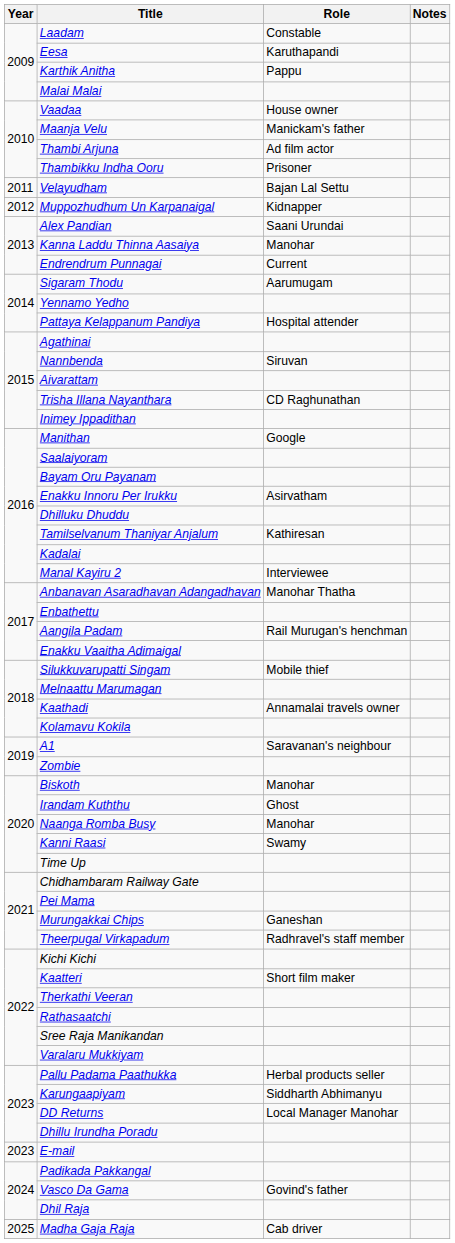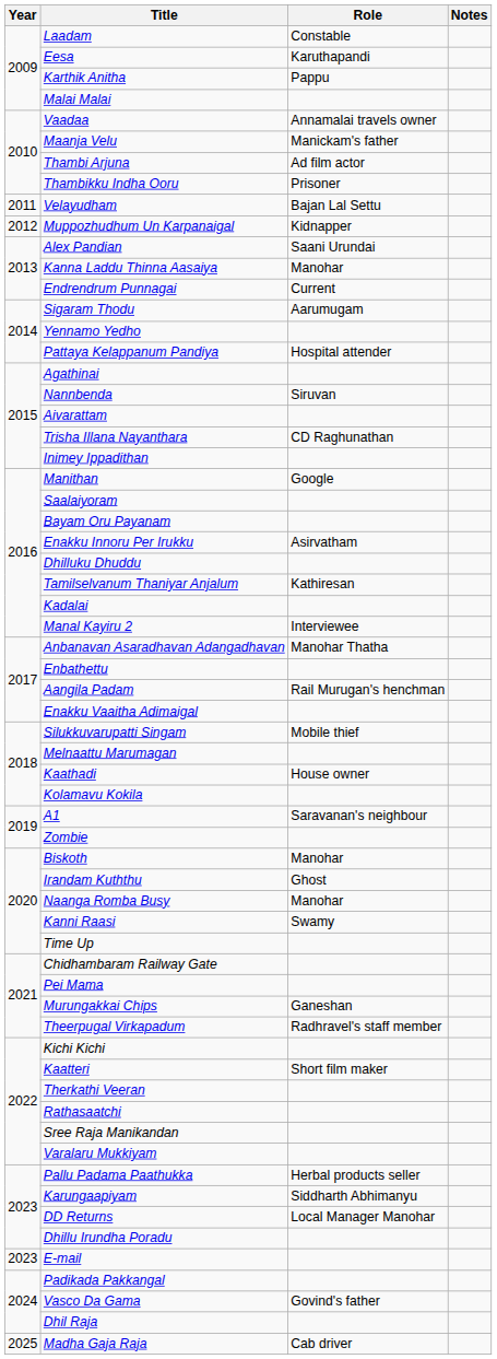 <table class="wikitable">
 <tr>
 <th>Year</th>
 <th>Title</th>
 <th>Role</th>
 <th>Notes</th>
 </tr>
 <tr>
 <td rowspan="4">2009</td>
 <td><em><a href='#'>Laadam</a></em></td>
 <td>Constable</td>
 <td></td>
 </tr>
 <tr>
 <td><em><a href='#'>Eesa</a></em></td>
 <td>Karuthapandi</td>
 <td></td>
 </tr>
 <tr>
 <td><em><a href='#'>Karthik Anitha</a></em></td>
 <td>Pappu</td>
 <td></td>
 </tr>
 <tr>
 <td><em><a href='#'>Malai Malai</a></em></td>
 <td></td>
 <td></td>
 </tr>
 <tr>
 <td rowspan="4">2010</td>
 <td><em><a href='#'>Vaadaa</a></em></td>
-<td>House owner</td>
+<td>Annamalai travels owner</td>
 <td></td>
 </tr>
 <tr>
 <td><em><a href='#'>Maanja Velu</a></em></td>
 <td>Manickam's father</td>
 <td></td>
 </tr>
 <tr>
 <td><em><a href='#'>Thambi Arjuna</a></em></td>
 <td>Ad film actor</td>
 <td></td>
 </tr>
 <tr>
 <td><em><a href='#'>Thambikku Indha Ooru</a></em></td>
 <td>Prisoner</td>
 <td></td>
 </tr>
 <tr>
 <td>2011</td>
 <td><em><a href='#'>Velayudham</a></em></td>
 <td>Bajan Lal Settu</td>
 <td></td>
 </tr>
 <tr>
 <td rowspan="1">2012</td>
 <td><em><a href='#'>Muppozhudhum Un Karpanaigal</a></em></td>
 <td>Kidnapper</td>
 <td></td>
 </tr>
 <tr>
 <td rowspan="3">2013</td>
 <td><em><a href='#'>Alex Pandian</a></em></td>
 <td>Saani Urundai</td>
 <td></td>
 </tr>
 <tr>
 <td><em><a href='#'>Kanna Laddu Thinna Aasaiya</a></em></td>
 <td>Manohar</td>
 <td></td>
 </tr>
 <tr>
 <td><em><a href='#'>Endrendrum Punnagai</a></em></td>
 <td>Current</td>
 <td></td>
 </tr>
 <tr>
 <td rowspan="3">2014</td>
 <td><em><a href='#'>Sigaram Thodu</a></em></td>
 <td>Aarumugam</td>
 <td></td>
 </tr>
 <tr>
 <td><em><a href='#'>Yennamo Yedho</a></em></td>
 <td></td>
 <td></td>
 </tr>
 <tr>
 <td><em><a href='#'>Pattaya Kelappanum Pandiya</a></em></td>
 <td>Hospital attender</td>
 <td></td>
 </tr>
 <tr>
 <td rowspan="5">2015</td>
 <td><em><a href='#'>Agathinai</a></em></td>
 <td></td>
 <td></td>
 </tr>
 <tr>
 <td><em><a href='#'>Nannbenda</a></em></td>
 <td>Siruvan</td>
 <td></td>
 </tr>
 <tr>
 <td><em><a href='#'>Aivarattam</a></em></td>
 <td></td>
 <td></td>
 </tr>
 <tr>
 <td><em><a href='#'>Trisha Illana Nayanthara</a></em></td>
 <td>CD Raghunathan</td>
 <td></td>
 </tr>
 <tr>
 <td><em><a href='#'>Inimey Ippadithan</a></em></td>
 <td></td>
 <td></td>
 </tr>
 <tr>
 <td rowspan="8">2016</td>
 <td><em><a href='#'>Manithan</a></em></td>
 <td>Google</td>
 <td></td>
 </tr>
 <tr>
 <td><em><a href='#'>Saalaiyoram</a></em></td>
 <td></td>
 <td></td>
 </tr>
 <tr>
 <td><em><a href='#'>Bayam Oru Payanam</a></em></td>
 <td></td>
 <td></td>
 </tr>
 <tr>
 <td><em><a href='#'>Enakku Innoru Per Irukku</a></em></td>
 <td>Asirvatham</td>
 <td></td>
 </tr>
 <tr>
 <td><em><a href='#'>Dhilluku Dhuddu</a></em></td>
 <td></td>
 <td></td>
 </tr>
 <tr>
 <td><em><a href='#'>Tamilselvanum Thaniyar Anjalum</a></em></td>
 <td>Kathiresan</td>
 <td></td>
 </tr>
 <tr>
 <td><em><a href='#'>Kadalai</a></em></td>
 <td></td>
 <td></td>
 </tr>
 <tr>
 <td><em><a href='#'>Manal Kayiru 2</a></em></td>
 <td>Interviewee</td>
 <td></td>
 </tr>
 <tr>
 <td rowspan="4">2017</td>
 <td><em><a href='#'>Anbanavan Asaradhavan Adangadhavan</a></em></td>
 <td>Manohar Thatha</td>
 <td></td>
 </tr>
 <tr>
 <td><em><a href='#'>Enbathettu</a></em></td>
 <td></td>
 <td></td>
 </tr>
 <tr>
 <td><em><a href='#'>Aangila Padam</a></em></td>
 <td>Rail Murugan's henchman</td>
 <td></td>
 </tr>
 <tr>
 <td><em><a href='#'>Enakku Vaaitha Adimaigal</a></em></td>
 <td></td>
 <td></td>
 </tr>
 <tr>
 <td rowspan="4">2018</td>
 <td><em><a href='#'>Silukkuvarupatti Singam</a></em></td>
 <td>Mobile thief</td>
 <td></td>
 </tr>
 <tr>
 <td><em><a href='#'>Melnaattu Marumagan</a></em></td>
 <td></td>
 <td></td>
 </tr>
 <tr>
 <td><em><a href='#'>Kaathadi</a></em></td>
-<td>Annamalai travels owner</td>
+<td>House owner</td>
 <td></td>
 </tr>
 <tr>
 <td><em><a href='#'>Kolamavu Kokila</a></em></td>
 <td></td>
 <td></td>
 </tr>
 <tr>
 <td rowspan="2">2019</td>
 <td><em><a href='#'>A1</a></em></td>
 <td>Saravanan's neighbour</td>
 <td></td>
 </tr>
 <tr>
 <td><em><a href='#'>Zombie</a></em></td>
 <td></td>
 <td></td>
 </tr>
 <tr>
 <td rowspan="5">2020</td>
 <td><em><a href='#'>Biskoth</a></em></td>
 <td>Manohar</td>
 <td></td>
 </tr>
 <tr>
 <td><em><a href='#'>Irandam Kuththu</a></em></td>
 <td>Ghost</td>
 <td></td>
 </tr>
 <tr>
 <td><em><a href='#'>Naanga Romba Busy</a></em></td>
 <td>Manohar</td>
 <td></td>
 </tr>
 <tr>
 <td><em><a href='#'>Kanni Raasi</a></em></td>
 <td>Swamy</td>
 <td></td>
 </tr>
 <tr>
 <td><em>Time Up</em></td>
 <td></td>
 <td></td>
 </tr>
 <tr>
 <td rowspan="4">2021</td>
 <td><em>Chidhambaram Railway Gate</em></td>
 <td></td>
 <td></td>
 </tr>
 <tr>
 <td><em><a href='#'>Pei Mama</a></em></td>
 <td></td>
 <td></td>
 </tr>
 <tr>
 <td><em><a href='#'>Murungakkai Chips</a></em></td>
 <td>Ganeshan</td>
 <td></td>
 </tr>
 <tr>
 <td><em><a href='#'>Theerpugal Virkapadum</a></em></td>
 <td>Radhravel's staff member</td>
 <td></td>
 </tr>
 <tr>
 <td rowspan="6">2022</td>
 <td><em>Kichi Kichi</em></td>
 <td></td>
 <td></td>
 </tr>
 <tr>
 <td><em><a href='#'>Kaatteri</a></em></td>
 <td>Short film maker</td>
 <td></td>
 </tr>
 <tr>
 <td><em><a href='#'>Therkathi Veeran</a></em></td>
 <td></td>
 <td></td>
 </tr>
 <tr>
 <td><em><a href='#'>Rathasaatchi</a></em></td>
 <td></td>
 <td></td>
 </tr>
 <tr>
 <td><em>Sree Raja Manikandan</em></td>
 <td></td>
 <td></td>
 </tr>
 <tr>
 <td><em><a href='#'>Varalaru Mukkiyam</a></em></td>
 <td></td>
 <td></td>
 </tr>
 <tr>
 <td rowspan="4">2023</td>
 <td><em><a href='#'>Pallu Padama Paathukka</a></em></td>
 <td>Herbal products seller</td>
 <td></td>
 </tr>
 <tr>
 <td><em><a href='#'>Karungaapiyam</a></em></td>
 <td>Siddharth Abhimanyu</td>
 <td></td>
 </tr>
 <tr>
 <td><em><a href='#'>DD Returns</a></em></td>
 <td>Local Manager Manohar</td>
 <td></td>
 </tr>
 <tr>
 <td><em><a href='#'>Dhillu Irundha Poradu</a></em></td>
 <td></td>
 <td></td>
 </tr>
 <tr>
 <td>2023</td>
 <td><em><a href='#'>E-mail</a></em></td>
 <td></td>
 <td></td>
 </tr>
 <tr>
 <td rowspan="3">2024</td>
 <td><em><a href='#'>Padikada Pakkangal</a></em></td>
 <td></td>
 <td></td>
 </tr>
 <tr>
 <td><em><a href='#'>Vasco Da Gama</a></em></td>
 <td>Govind's father</td>
 <td></td>
 </tr>
 <tr>
 <td><em><a href='#'>Dhil Raja</a></em></td>
 <td></td>
 <td></td>
 </tr>
 <tr>
 <td>2025</td>
 <td><em><a href='#'>Madha Gaja Raja</a></em></td>
 <td>Cab driver</td>
 <td></td>
 </tr>
 </table>
